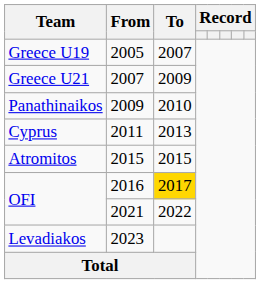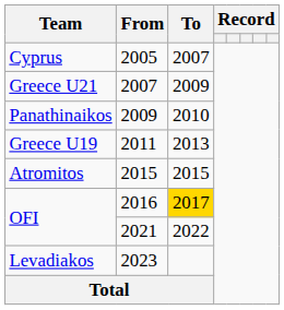 <table class="wikitable">
 <tr>
 <th rowspan="2">Team</th>
 <th rowspan="2">From</th>
 <th rowspan="2">To</th>
 <th colspan="6">Record</th>
 </tr>
 <tr>
 <th></th>
 <th></th>
 <th></th>
 <th></th>
 <th></th>
 </tr>
 <tr>
-<td><a href='#'>Greece U19</a></td>
+<td><a href='#'>Cyprus</a></td>
 <td>2005</td>
 <td>2007<br></td>
 </tr>
 <tr>
 <td><a href='#'>Greece U21</a></td>
 <td>2007</td>
 <td>2009<br></td>
 </tr>
 <tr>
 <td><a href='#'>Panathinaikos</a></td>
 <td>2009</td>
 <td>2010<br></td>
 </tr>
 <tr>
-<td><a href='#'>Cyprus</a></td>
+<td><a href='#'>Greece U19</a></td>
 <td>2011</td>
 <td>2013<br></td>
 </tr>
 <tr>
 <td><a href='#'>Atromitos</a></td>
 <td>2015</td>
 <td>2015<br></td>
 </tr>
 <tr>
 <td rowspan="2"><a href='#'>OFI</a></td>
 <td>2016</td>
 <td style="background: gold;">2017<br></td>
 </tr>
 <tr>
 <td>2021</td>
 <td>2022<br></td>
 </tr>
 <tr>
 <td><a href='#'>Levadiakos</a></td>
 <td>2023</td>
 <td><br></td>
 </tr>
 <tr>
 <th colspan="3">Total<br></th>
 </tr>
 </table>
